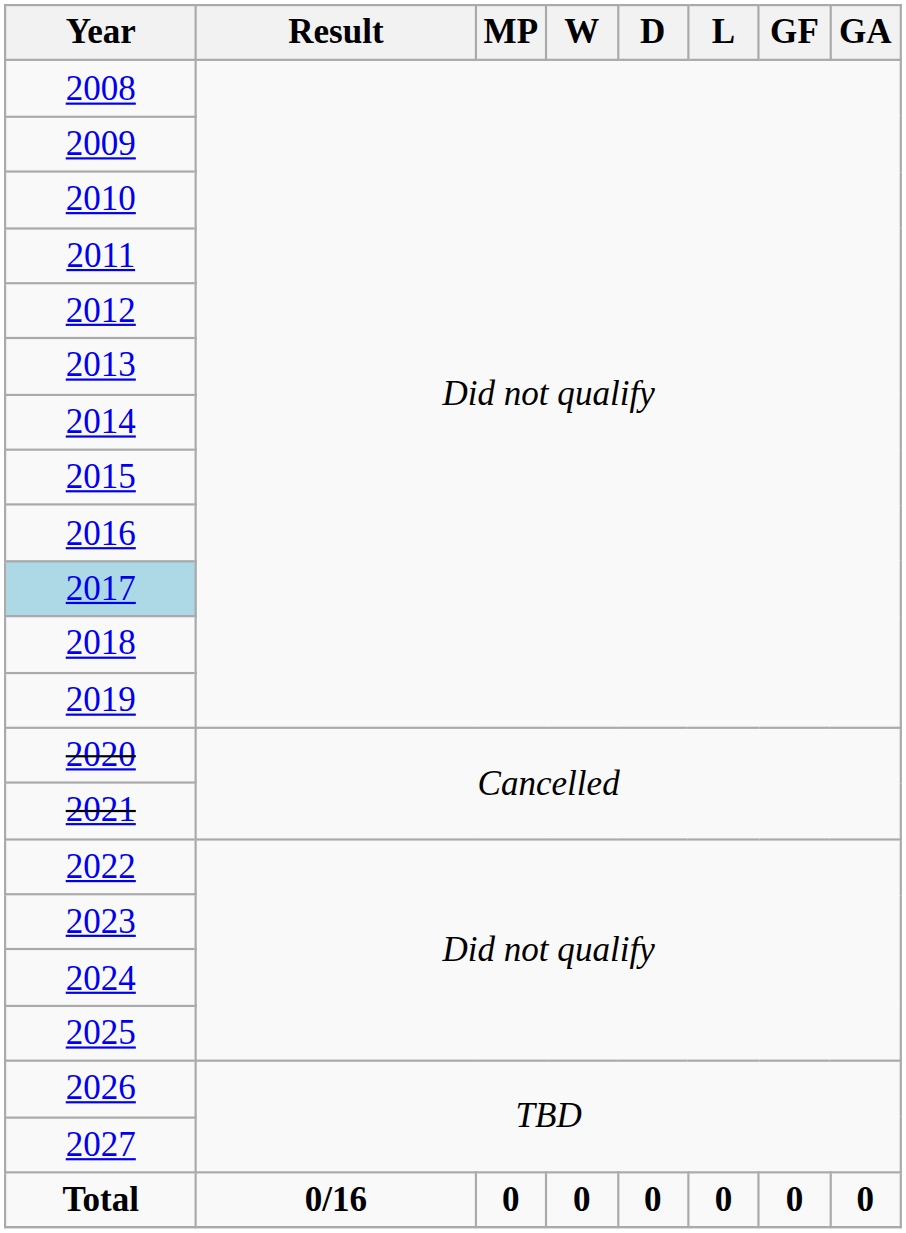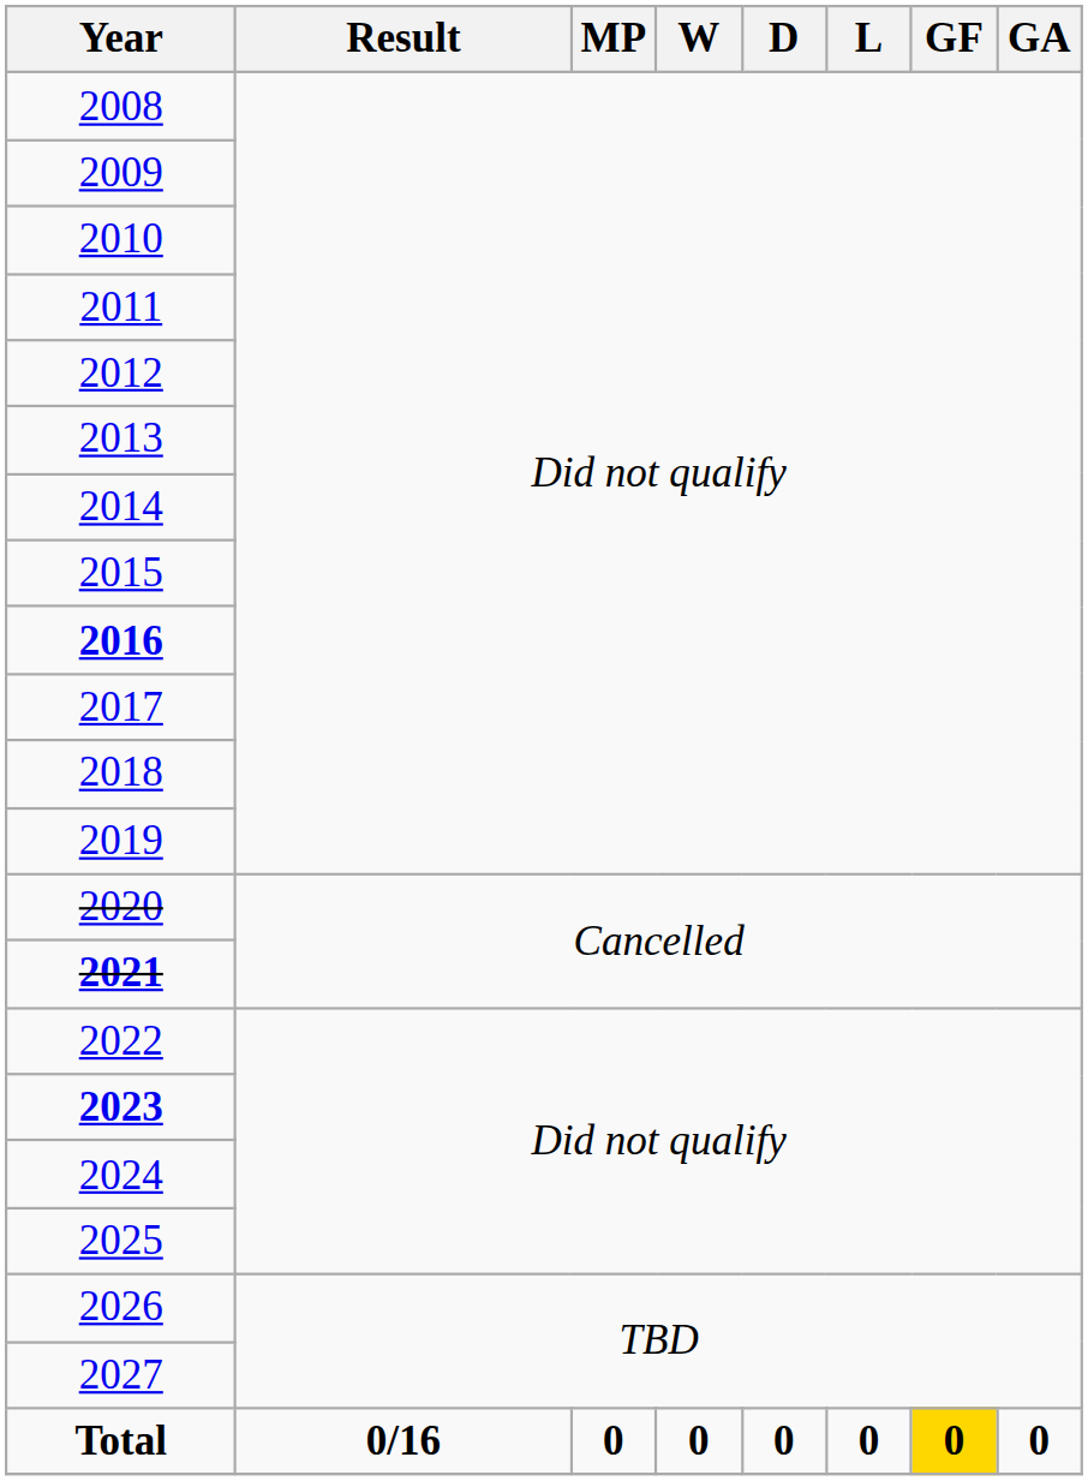 <table class="wikitable" style="text-align: center;">
 <tr>
 <th width=80>Year</th>
 <th width=120>Result</th>
 <th width=25>MP</th>
 <th width=25>W</th>
 <th width=25>D</th>
 <th width=25>L</th>
 <th width=25>GF</th>
 <th width=25>GA</th>
 </tr>
 <tr>
 <td> <a href='#'>2008</a></td>
 <td colspan=7 rowspan=12><em>Did not qualify</em></td>
 </tr>
 <tr>
 <td> <a href='#'>2009</a></td>
 </tr>
 <tr>
 <td> <a href='#'>2010</a></td>
 </tr>
 <tr>
 <td> <a href='#'>2011</a></td>
 </tr>
 <tr>
 <td> <a href='#'>2012</a></td>
 </tr>
 <tr>
 <td> <a href='#'>2013</a></td>
 </tr>
 <tr>
 <td> <a href='#'>2014</a></td>
 </tr>
 <tr>
 <td> <a href='#'>2015</a></td>
 </tr>
 <tr>
-<td> <a href='#'>2016</a></td>
+<td><strong> <a href='#'>2016</a></strong></td>
 </tr>
 <tr>
-<td style="background: lightblue;"> <a href='#'>2017</a></td>
+<td> <a href='#'>2017</a></td>
 </tr>
 <tr>
 <td> <a href='#'>2018</a></td>
 </tr>
 <tr>
 <td> <a href='#'>2019</a></td>
 </tr>
 <tr>
 <td> <s><a href='#'>2020</a></s></td>
 <td colspan=7 rowspan=2><em>Cancelled</em></td>
 </tr>
 <tr>
-<td> <s><a href='#'>2021</a></s></td>
+<td><strong> <s><a href='#'>2021</a></s></strong></td>
 </tr>
 <tr>
 <td> <a href='#'>2022</a></td>
 <td colspan=7 rowspan=4><em>Did not qualify</em></td>
 </tr>
 <tr>
-<td> <a href='#'>2023</a></td>
+<td><strong> <a href='#'>2023</a></strong></td>
 </tr>
 <tr>
 <td> <a href='#'>2024</a></td>
 </tr>
 <tr>
 <td> <a href='#'>2025</a></td>
 </tr>
 <tr>
 <td> <a href='#'>2026</a></td>
 <td colspan=7 rowspan=2><em>TBD</em></td>
 </tr>
 <tr>
 <td> <a href='#'>2027</a></td>
 </tr>
 <tr>
 <td><strong>Total</strong></td>
 <td><strong>0/16</strong></td>
 <td><strong>0</strong></td>
 <td><strong>0</strong></td>
 <td><strong>0</strong></td>
 <td><strong>0</strong></td>
-<td><strong>0</strong></td>
+<td style="background: gold;"><strong>0</strong></td>
 <td><strong>0</strong></td>
 </tr>
 <tr>
 </tr>
 </table>
